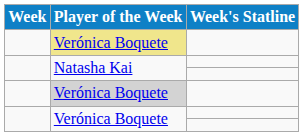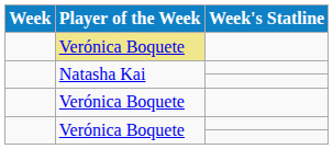 <table class=wikitable>
 <tr>
 <th style="color:white; background:#0E80C6;">Week</th>
 <th style="color:white; background:#0E80C6;">Player of the Week</th>
 <th style="color:white; background:#0E80C6;">Week's Statline</th>
 </tr>
 <tr>
 <td align=center></td>
 <td style="background: khaki;"> <a href='#'>Verónica Boquete</a></td>
 <td></td>
 </tr>
 <tr>
 <td rowspan="2" style="text-align:center;"></td>
 <td rowspan=2> <a href='#'>Natasha Kai</a></td>
 <td></td>
 </tr>
 <tr>
 <td></td>
 </tr>
 <tr>
 <td align=center></td>
-<td style="background: lightgrey;"> <a href='#'>Verónica Boquete</a></td>
+<td> <a href='#'>Verónica Boquete</a></td>
 <td></td>
 </tr>
 <tr>
 <td rowspan="2" style="text-align:center;"></td>
 <td rowspan=2> <a href='#'>Verónica Boquete</a></td>
 <td></td>
 </tr>
 <tr>
 <td></td>
 </tr>
 </table>
